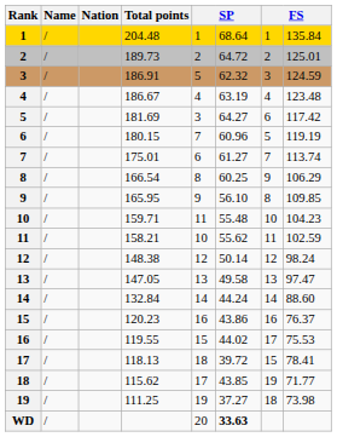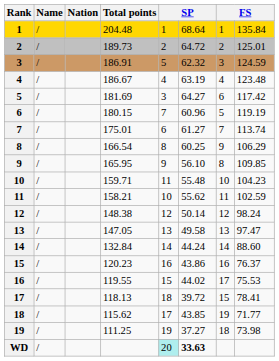 <table class="wikitable sortable">
 <tr>
 <th>Rank</th>
 <th>Name</th>
 <th>Nation</th>
 <th>Total points</th>
 <th colspan="2" width="80px"><a href='#'>SP</a></th>
 <th colspan="2" width="80px"><a href='#'>FS</a></th>
 </tr>
 <tr bgcolor="gold">
 <td align="center"><strong>1</strong></td>
 <td> / </td>
 <td></td>
 <td>204.48</td>
 <td>1</td>
 <td>68.64</td>
 <td>1</td>
 <td>135.84</td>
 </tr>
 <tr bgcolor="silver">
 <td align="center"><strong>2</strong></td>
 <td> / </td>
 <td></td>
 <td>189.73</td>
 <td>2</td>
 <td>64.72</td>
 <td>2</td>
 <td>125.01</td>
 </tr>
 <tr bgcolor="cc9966">
 <td align="center"><strong>3</strong></td>
 <td> / </td>
 <td></td>
 <td>186.91</td>
 <td>5</td>
 <td>62.32</td>
 <td>3</td>
 <td>124.59</td>
 </tr>
 <tr>
 <th>4</th>
 <td> / </td>
 <td></td>
 <td>186.67</td>
 <td>4</td>
 <td>63.19</td>
 <td>4</td>
 <td>123.48</td>
 </tr>
 <tr>
 <th>5</th>
 <td> / </td>
 <td></td>
 <td>181.69</td>
 <td>3</td>
 <td>64.27</td>
 <td>6</td>
 <td>117.42</td>
 </tr>
 <tr>
 <th>6</th>
 <td> / </td>
 <td></td>
 <td>180.15</td>
 <td>7</td>
 <td>60.96</td>
 <td>5</td>
 <td>119.19</td>
 </tr>
 <tr>
 <th>7</th>
 <td> / </td>
 <td></td>
 <td>175.01</td>
 <td>6</td>
 <td>61.27</td>
 <td>7</td>
 <td>113.74</td>
 </tr>
 <tr>
 <th>8</th>
 <td> / </td>
 <td></td>
 <td>166.54</td>
 <td>8</td>
 <td>60.25</td>
 <td>9</td>
 <td>106.29</td>
 </tr>
 <tr>
 <th>9</th>
 <td> / </td>
 <td></td>
 <td>165.95</td>
 <td>9</td>
 <td>56.10</td>
 <td>8</td>
 <td>109.85</td>
 </tr>
 <tr>
 <th>10</th>
 <td> / </td>
 <td></td>
 <td>159.71</td>
 <td>11</td>
 <td>55.48</td>
 <td>10</td>
 <td>104.23</td>
 </tr>
 <tr>
 <th>11</th>
 <td> / </td>
 <td></td>
 <td>158.21</td>
 <td>10</td>
 <td>55.62</td>
 <td>11</td>
 <td>102.59</td>
 </tr>
 <tr>
 <th>12</th>
 <td> / </td>
 <td></td>
 <td>148.38</td>
 <td>12</td>
 <td>50.14</td>
 <td>12</td>
 <td>98.24</td>
 </tr>
 <tr>
 <th>13</th>
 <td> / </td>
 <td></td>
 <td>147.05</td>
 <td>13</td>
 <td>49.58</td>
 <td>13</td>
 <td>97.47</td>
 </tr>
 <tr>
 <th>14</th>
 <td> / </td>
 <td></td>
 <td>132.84</td>
 <td>14</td>
 <td>44.24</td>
 <td>14</td>
 <td>88.60</td>
 </tr>
 <tr>
 <th>15</th>
 <td> / </td>
 <td></td>
 <td>120.23</td>
 <td>16</td>
 <td>43.86</td>
 <td>16</td>
 <td>76.37</td>
 </tr>
 <tr>
 <th>16</th>
 <td> / </td>
 <td></td>
 <td>119.55</td>
 <td>15</td>
 <td>44.02</td>
 <td>17</td>
 <td>75.53</td>
 </tr>
 <tr>
 <th>17</th>
 <td> / </td>
 <td></td>
 <td>118.13</td>
 <td>18</td>
 <td>39.72</td>
 <td>15</td>
 <td>78.41</td>
 </tr>
 <tr>
 <th>18</th>
 <td> / </td>
 <td></td>
 <td>115.62</td>
 <td>17</td>
 <td>43.85</td>
 <td>19</td>
 <td>71.77</td>
 </tr>
 <tr>
 <th>19</th>
 <td> / </td>
 <td></td>
 <td>111.25</td>
 <td>19</td>
 <td>37.27</td>
 <td>18</td>
 <td>73.98</td>
 </tr>
 <tr>
 <th>WD</th>
 <td> / </td>
 <td></td>
 <td></td>
-<td>20</td>
+<td style="background: paleturquoise;">20</td>
 <td><strong>33.63</strong></td>
 <td></td>
 <td></td>
 </tr>
 </table>
